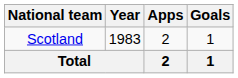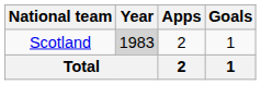 <table class="wikitable" style="text-align:center" style="text-align:center">
 <tr>
 <th>National team</th>
 <th>Year</th>
 <th>Apps</th>
 <th>Goals</th>
 </tr>
 <tr>
 <td><a href='#'>Scotland</a></td>
-<td>1983</td>
+<td style="background: lightgrey;">1983</td>
 <td>2</td>
 <td>1</td>
 </tr>
 <tr>
 <th colspan="2">Total</th>
 <th>2</th>
 <th>1</th>
 </tr>
 </table>
